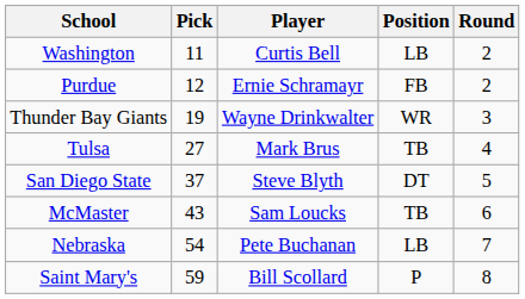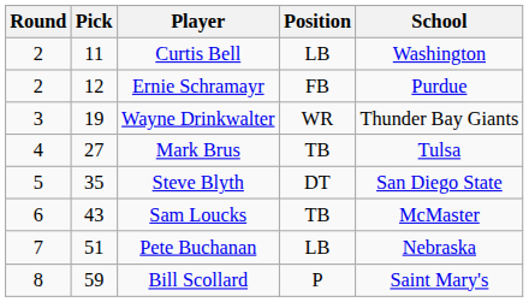 <table class="wikitable" style="font-size: 95%;">
 <tr>
-<th scope="col">School</th>
+<th scope="col">Round</th>
 <th scope="col">Pick</th>
 <th scope="col">Player</th>
 <th scope="col">Position</th>
-<th scope="col">Round</th>
+<th scope="col">School</th>
 </tr>
 <tr align="center">
-<td><a href='#'>Washington</a></td>
+<td align=center>2</td>
 <td>11</td>
 <td><a href='#'>Curtis Bell</a></td>
 <td>LB</td>
-<td align=center>2</td>
+<td><a href='#'>Washington</a></td>
 </tr>
 <tr align="center">
-<td><a href='#'>Purdue</a></td>
+<td align=center>2</td>
 <td>12</td>
 <td><a href='#'>Ernie Schramayr</a></td>
 <td>FB</td>
-<td align=center>2</td>
+<td><a href='#'>Purdue</a></td>
 </tr>
 <tr align="center">
-<td>Thunder Bay Giants</td>
+<td align=center>3</td>
 <td>19</td>
 <td><a href='#'>Wayne Drinkwalter</a></td>
 <td>WR</td>
-<td align=center>3</td>
+<td>Thunder Bay Giants</td>
 </tr>
 <tr align="center">
-<td><a href='#'>Tulsa</a></td>
+<td align=center>4</td>
 <td>27</td>
 <td><a href='#'>Mark Brus</a></td>
 <td>TB</td>
-<td align=center>4</td>
+<td><a href='#'>Tulsa</a></td>
 </tr>
 <tr align="center">
-<td><a href='#'>San Diego State</a></td>
-<td>37</td>
+<td align=center>5</td>
+<td>35</td>
 <td><a href='#'>Steve Blyth</a></td>
 <td>DT</td>
-<td align=center>5</td>
+<td><a href='#'>San Diego State</a></td>
 </tr>
 <tr align="center">
-<td><a href='#'>McMaster</a></td>
+<td align=center>6</td>
 <td>43</td>
 <td><a href='#'>Sam Loucks</a></td>
 <td>TB</td>
-<td align=center>6</td>
+<td><a href='#'>McMaster</a></td>
 </tr>
 <tr align="center">
-<td><a href='#'>Nebraska</a></td>
-<td>54</td>
+<td align=center>7</td>
+<td>51</td>
 <td><a href='#'>Pete Buchanan</a></td>
 <td>LB</td>
-<td align=center>7</td>
+<td><a href='#'>Nebraska</a></td>
 </tr>
 <tr align="center">
-<td><a href='#'>Saint Mary's</a></td>
+<td align=center>8</td>
 <td>59</td>
 <td><a href='#'>Bill Scollard</a></td>
 <td>P</td>
-<td align=center>8</td>
+<td><a href='#'>Saint Mary's</a></td>
 </tr>
 </table>
